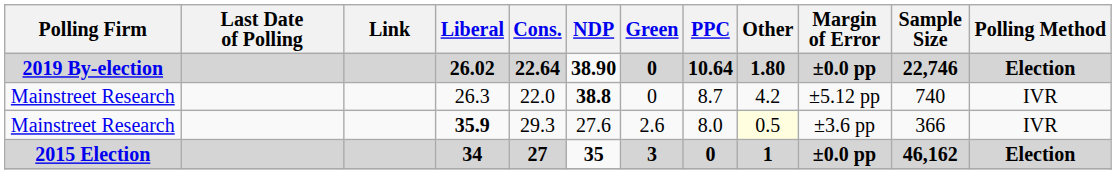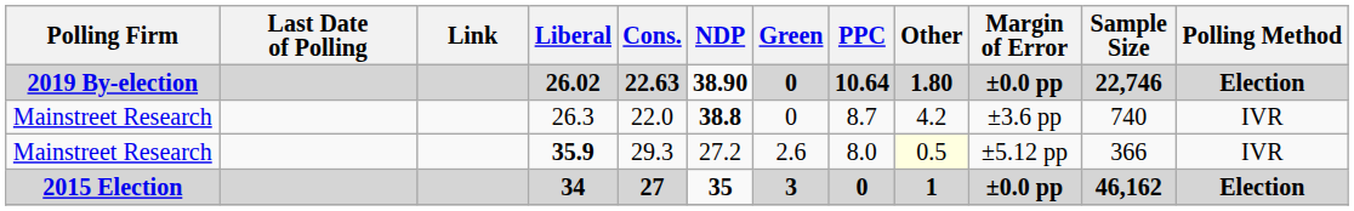 <table class="wikitable sortable" style="text-align:center;font-size:90%;line-height:14px;">
 <tr style="background:#e9e9e9;">
 <th style="width:120px">Polling Firm</th>
 <th style="width:110px">Last Date<br>of Polling</th>
 <th style="width:60px" class="unsortable">Link</th>
 <th style="background-color:"><strong><a href='#'>Liberal</a></strong></th>
 <th style="background-color:"><strong><a href='#'>Cons.</a></strong></th>
 <th style="background-color:"><strong><a href='#'>NDP</a></strong></th>
 <th style="background-color:"><strong><a href='#'>Green</a></strong></th>
 <th style="background-color:"><strong><a href='#'>PPC</a></strong></th>
 <th style="background-color:"><strong>Other</strong></th>
 <th style="width:60px;" class=unsortable>Margin<br>of Error</th>
 <th style="width:50px;" class=unsortable>Sample<br>Size</th>
 <th class=unsortable>Polling Method</th>
 </tr>
 <tr>
 <td style="background:#D5D5D5"><strong><a href='#'>2019 By-election</a></strong></td>
 <td style="background:#D5D5D5"><strong></strong></td>
 <td style="background:#D5D5D5"></td>
 <td style="background:#D5D5D5"><strong>26.02</strong></td>
-<td style="background:#D5D5D5"><strong>22.64</strong></td>
+<td style="background:#D5D5D5"><strong>22.63</strong></td>
 <td><strong>38.90</strong></td>
 <td style="background:#D5D5D5"><strong>0</strong></td>
 <td style="background:#D5D5D5"><strong>10.64</strong></td>
 <td style="background:#D5D5D5"><strong>1.80</strong></td>
 <td style="background:#D5D5D5"><strong>±0.0 pp</strong></td>
 <td style="background:#D5D5D5"><strong>22,746</strong></td>
 <td style="background:#D5D5D5"><strong>Election</strong></td>
 </tr>
 <tr>
 <td><a href='#'>Mainstreet Research</a></td>
 <td></td>
 <td></td>
 <td>26.3</td>
 <td>22.0</td>
 <td><strong>38.8</strong></td>
 <td>0</td>
 <td>8.7</td>
 <td>4.2</td>
-<td>±5.12 pp</td>
+<td>±3.6 pp</td>
 <td>740</td>
 <td>IVR</td>
 </tr>
 <tr>
 <td><a href='#'>Mainstreet Research</a></td>
 <td></td>
 <td></td>
 <td><strong>35.9</strong></td>
 <td>29.3</td>
-<td>27.6</td>
+<td>27.2</td>
 <td>2.6</td>
 <td>8.0</td>
 <td style="background: lightyellow;">0.5</td>
-<td>±3.6 pp</td>
+<td>±5.12 pp</td>
 <td>366</td>
 <td>IVR</td>
 </tr>
 <tr>
 <td style="background:#D5D5D5"><strong><a href='#'>2015 Election</a></strong></td>
 <td style="background:#D5D5D5"><strong></strong></td>
 <td style="background:#D5D5D5"></td>
 <td style="background:#D5D5D5"><strong>34</strong></td>
 <td style="background:#D5D5D5"><strong>27</strong></td>
 <td><strong>35</strong></td>
 <td style="background:#D5D5D5"><strong>3</strong></td>
 <td style="background:#D5D5D5"><strong>0</strong></td>
 <td style="background:#D5D5D5"><strong>1</strong></td>
 <td style="background:#D5D5D5"><strong>±0.0 pp</strong></td>
 <td style="background:#D5D5D5"><strong>46,162</strong></td>
 <td style="background:#D5D5D5"><strong>Election</strong></td>
 </tr>
 <tr>
 </tr>
 <tr>
 </tr>
 </table>
